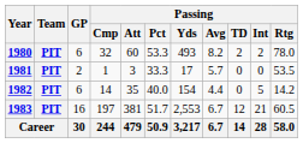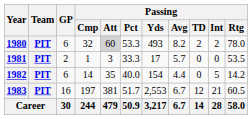 <table class=wikitable style="text-align:center;">
 <tr>
 <th rowspan="2">Year</th>
 <th rowspan="2">Team</th>
 <th rowspan="2">GP</th>
 <th colspan="8">Passing</th>
 </tr>
 <tr>
 <th>Cmp</th>
 <th>Att</th>
 <th>Pct</th>
 <th>Yds</th>
 <th>Avg</th>
 <th>TD</th>
 <th>Int</th>
 <th>Rtg</th>
 </tr>
 <tr>
 <th><a href='#'>1980</a></th>
 <th><a href='#'>PIT</a></th>
 <td>6</td>
 <td>32</td>
-<td>60</td>
+<td style="background: lightgrey;">60</td>
 <td>53.3</td>
 <td>493</td>
 <td>8.2</td>
 <td>2</td>
 <td>2</td>
 <td>78.0</td>
 </tr>
 <tr>
 <th><a href='#'>1981</a></th>
 <th><a href='#'>PIT</a></th>
 <td>2</td>
 <td>1</td>
 <td>3</td>
 <td>33.3</td>
 <td>17</td>
 <td>5.7</td>
 <td>0</td>
 <td>0</td>
 <td>53.5</td>
 </tr>
 <tr>
 <th><a href='#'>1982</a></th>
 <th><a href='#'>PIT</a></th>
 <td>6</td>
 <td>14</td>
 <td>35</td>
 <td>40.0</td>
 <td>154</td>
 <td>4.4</td>
 <td>0</td>
 <td>5</td>
 <td>14.2</td>
 </tr>
 <tr>
 <th><a href='#'>1983</a></th>
 <th><a href='#'>PIT</a></th>
 <td>16</td>
 <td>197</td>
 <td>381</td>
 <td>51.7</td>
 <td>2,553</td>
 <td>6.7</td>
 <td>12</td>
 <td>21</td>
 <td>60.5</td>
 </tr>
 <tr>
 <th colspan="2">Career</th>
 <th>30</th>
 <th>244</th>
 <th>479</th>
 <th>50.9</th>
 <th>3,217</th>
 <th>6.7</th>
 <th>14</th>
 <th>28</th>
 <th>58.0</th>
 </tr>
 </table>
